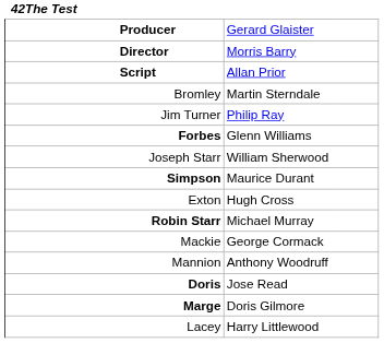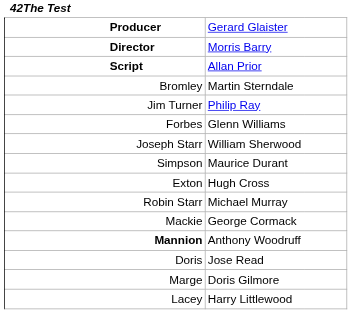 <table class="wikitable mw-collapsible mw-collapsed" style="vertical-align:top;margin:auto 2em;line-height:1.2;min-width:33em;display: inline-table;background-color:inherit;border:none;">
 <tr>
 <td class=unsortable style="border:hidden;line-height:1.67;text-align:center;margin-left:-1em;padding-left:0.5em;min-width:1.0em;"></td>
 <td class=unsortable style="border:none;padding-left:0.5em;text-align:left;min-width:16.5em;font-weight:700;font-style:italic;">42The Test</td>
 <td class=unsortable style="border:none;text-align:right;font-weight:normal;font-family:Courier;font-size:95%;letter-spacing:-1pt;min-width:8.5em;padding-right:0.2em;"></td>
 <td class=unsortable style="border:hidden;min-width:3.5em;padding-left:0;"></td>
 <td class=unsortable style="border:hidden;min-width:3.5em;font-size:95%;"></td>
 </tr>
 <tr>
 <td rowspan=100 style="border:none thin;border-right-style :solid;"></td>
 </tr>
 <tr>
 <td style="text-align:left;padding-left:9.0em;font-weight:bold;">Producer</td>
 <td colspan=2><a href='#'>Gerard Glaister</a></td>
 </tr>
 <tr>
 <td style="text-align:left;padding-left:9.0em;font-weight:bold;">Director</td>
 <td colspan=2><a href='#'>Morris Barry</a></td>
 </tr>
 <tr>
 <td style="text-align:left;padding-left:9.0em;font-weight:bold;">Script</td>
 <td colspan=2><a href='#'>Allan Prior</a></td>
 </tr>
 <tr>
 <td style="text-align:right;">Bromley</td>
 <td colspan=2>Martin Sterndale</td>
 </tr>
 <tr>
 <td style="text-align:right;">Jim Turner</td>
 <td colspan=2><a href='#'>Philip Ray</a></td>
 </tr>
 <tr>
-<td style="text-align:right;"><strong>Forbes</strong></td>
+<td style="text-align:right;">Forbes</td>
 <td colspan=2>Glenn Williams</td>
 </tr>
 <tr>
 <td style="text-align:right;">Joseph Starr</td>
 <td colspan=2>William Sherwood</td>
 </tr>
 <tr>
-<td style="text-align:right;"><strong>Simpson</strong></td>
+<td style="text-align:right;">Simpson</td>
 <td colspan=2>Maurice Durant</td>
 </tr>
 <tr>
 <td style="text-align:right;">Exton</td>
 <td colspan=2>Hugh Cross</td>
 </tr>
 <tr>
-<td style="text-align:right;"><strong>Robin Starr</strong></td>
+<td style="text-align:right;">Robin Starr</td>
 <td colspan=2>Michael Murray</td>
 </tr>
 <tr>
 <td style="text-align:right;">Mackie</td>
 <td colspan=2>George Cormack</td>
 </tr>
 <tr>
-<td style="text-align:right;">Mannion</td>
+<td style="text-align:right;"><strong>Mannion</strong></td>
 <td colspan=2>Anthony Woodruff</td>
 </tr>
 <tr>
-<td style="text-align:right;"><strong>Doris</strong></td>
+<td style="text-align:right;">Doris</td>
 <td colspan=2>Jose Read</td>
 </tr>
 <tr>
-<td style="text-align:right;"><strong>Marge</strong></td>
+<td style="text-align:right;">Marge</td>
 <td colspan=2>Doris Gilmore</td>
 </tr>
 <tr>
 <td style="text-align:right;">Lacey</td>
 <td colspan=2>Harry Littlewood</td>
 </tr>
 </table>
